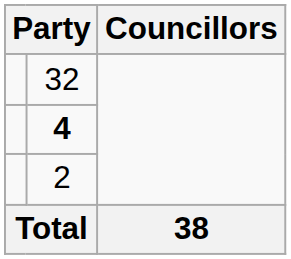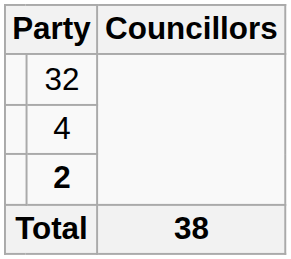 <table class="wikitable">
 <tr>
 <th colspan=2>Party</th>
 <th>Councillors</th>
 </tr>
 <tr>
 <td></td>
 <td align=center>32</td>
 </tr>
 <tr>
 <td></td>
-<td align=center><strong>4</strong></td>
+<td align=center>4</td>
 </tr>
 <tr>
 <td></td>
-<td align=center>2</td>
+<td align=center><strong>2</strong></td>
 </tr>
 <tr>
 <th colspan=2>Total</th>
 <th align=center>38</th>
 </tr>
 </table>
